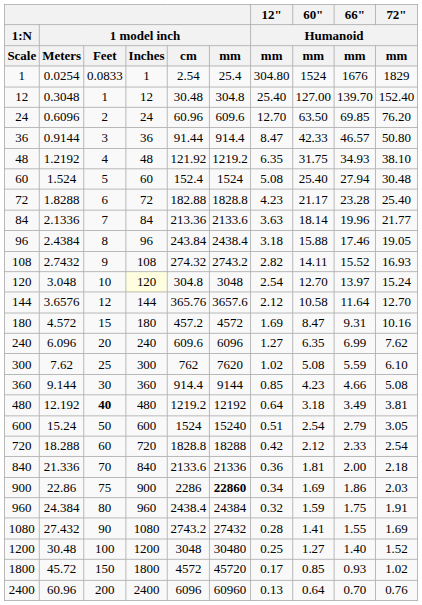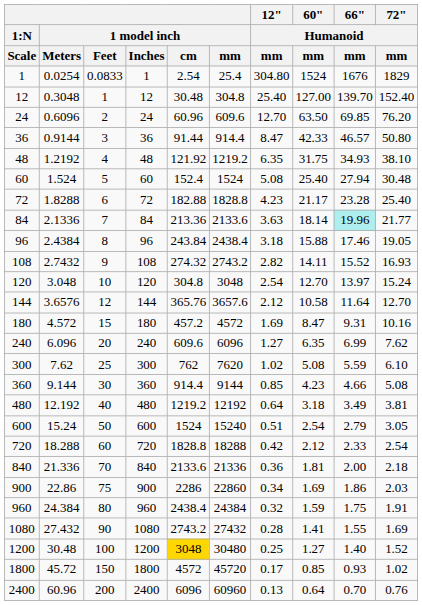 <table class="wikitable sortable" style="text-align: center;">
 <tr>
 <th colspan=6></th>
 <th>12"</th>
 <th>60"</th>
 <th>66"</th>
 <th>72"</th>
 </tr>
 <tr>
 <th>1:N</th>
 <th colspan=5>1 model inch</th>
 <th colspan=4>Humanoid</th>
 </tr>
 <tr>
 <th>Scale</th>
 <th>Meters</th>
 <th>Feet</th>
 <th>Inches</th>
 <th>cm</th>
 <th>mm</th>
 <th>mm</th>
 <th>mm</th>
 <th>mm</th>
 <th>mm</th>
 </tr>
 <tr>
 <td>1</td>
 <td>0.0254</td>
 <td>0.0833</td>
 <td>1</td>
 <td>2.54</td>
 <td>25.4</td>
 <td>304.80</td>
 <td>1524</td>
 <td>1676</td>
 <td>1829</td>
 </tr>
 <tr>
 <td>12</td>
 <td>0.3048</td>
 <td>1</td>
 <td>12</td>
 <td>30.48</td>
 <td>304.8</td>
 <td>25.40</td>
 <td>127.00</td>
 <td>139.70</td>
 <td>152.40</td>
 </tr>
 <tr>
 <td>24</td>
 <td>0.6096</td>
 <td>2</td>
 <td>24</td>
 <td>60.96</td>
 <td>609.6</td>
 <td>12.70</td>
 <td>63.50</td>
 <td>69.85</td>
 <td>76.20</td>
 </tr>
 <tr>
 <td>36</td>
 <td>0.9144</td>
 <td>3</td>
 <td>36</td>
 <td>91.44</td>
 <td>914.4</td>
 <td>8.47</td>
 <td>42.33</td>
 <td>46.57</td>
 <td>50.80</td>
 </tr>
 <tr>
 <td>48</td>
 <td>1.2192</td>
 <td>4</td>
 <td>48</td>
 <td>121.92</td>
 <td>1219.2</td>
 <td>6.35</td>
 <td>31.75</td>
 <td>34.93</td>
 <td>38.10</td>
 </tr>
 <tr>
 <td>60</td>
 <td>1.524</td>
 <td>5</td>
 <td>60</td>
 <td>152.4</td>
 <td>1524</td>
 <td>5.08</td>
 <td>25.40</td>
 <td>27.94</td>
 <td>30.48</td>
 </tr>
 <tr>
 <td>72</td>
 <td>1.8288</td>
 <td>6</td>
 <td>72</td>
 <td>182.88</td>
 <td>1828.8</td>
 <td>4.23</td>
 <td>21.17</td>
 <td>23.28</td>
 <td>25.40</td>
 </tr>
 <tr>
 <td>84</td>
 <td>2.1336</td>
 <td>7</td>
 <td>84</td>
 <td>213.36</td>
 <td>2133.6</td>
 <td>3.63</td>
 <td>18.14</td>
-<td>19.96</td>
+<td style="background: paleturquoise;">19.96</td>
 <td>21.77</td>
 </tr>
 <tr>
 <td>96</td>
 <td>2.4384</td>
 <td>8</td>
 <td>96</td>
 <td>243.84</td>
 <td>2438.4</td>
 <td>3.18</td>
 <td>15.88</td>
 <td>17.46</td>
 <td>19.05</td>
 </tr>
 <tr>
 <td>108</td>
 <td>2.7432</td>
 <td>9</td>
 <td>108</td>
 <td>274.32</td>
 <td>2743.2</td>
 <td>2.82</td>
 <td>14.11</td>
 <td>15.52</td>
 <td>16.93</td>
 </tr>
 <tr>
 <td>120</td>
 <td>3.048</td>
 <td>10</td>
-<td style="background: lightyellow;">120</td>
+<td>120</td>
 <td>304.8</td>
 <td>3048</td>
 <td>2.54</td>
 <td>12.70</td>
 <td>13.97</td>
 <td>15.24</td>
 </tr>
 <tr>
 <td>144</td>
 <td>3.6576</td>
 <td>12</td>
 <td>144</td>
 <td>365.76</td>
 <td>3657.6</td>
 <td>2.12</td>
 <td>10.58</td>
 <td>11.64</td>
 <td>12.70</td>
 </tr>
 <tr>
 <td>180</td>
 <td>4.572</td>
 <td>15</td>
 <td>180</td>
 <td>457.2</td>
 <td>4572</td>
 <td>1.69</td>
 <td>8.47</td>
 <td>9.31</td>
 <td>10.16</td>
 </tr>
 <tr>
 <td>240</td>
 <td>6.096</td>
 <td>20</td>
 <td>240</td>
 <td>609.6</td>
 <td>6096</td>
 <td>1.27</td>
 <td>6.35</td>
 <td>6.99</td>
 <td>7.62</td>
 </tr>
 <tr>
 <td>300</td>
 <td>7.62</td>
 <td>25</td>
 <td>300</td>
 <td>762</td>
 <td>7620</td>
 <td>1.02</td>
 <td>5.08</td>
 <td>5.59</td>
 <td>6.10</td>
 </tr>
 <tr>
 <td>360</td>
 <td>9.144</td>
 <td>30</td>
 <td>360</td>
 <td>914.4</td>
 <td>9144</td>
 <td>0.85</td>
 <td>4.23</td>
 <td>4.66</td>
 <td>5.08</td>
 </tr>
 <tr>
 <td>480</td>
 <td>12.192</td>
-<td><strong>40</strong></td>
+<td>40</td>
 <td>480</td>
 <td>1219.2</td>
 <td>12192</td>
 <td>0.64</td>
 <td>3.18</td>
 <td>3.49</td>
 <td>3.81</td>
 </tr>
 <tr>
 <td>600</td>
 <td>15.24</td>
 <td>50</td>
 <td>600</td>
 <td>1524</td>
 <td>15240</td>
 <td>0.51</td>
 <td>2.54</td>
 <td>2.79</td>
 <td>3.05</td>
 </tr>
 <tr>
 <td>720</td>
 <td>18.288</td>
 <td>60</td>
 <td>720</td>
 <td>1828.8</td>
 <td>18288</td>
 <td>0.42</td>
 <td>2.12</td>
 <td>2.33</td>
 <td>2.54</td>
 </tr>
 <tr>
 <td>840</td>
 <td>21.336</td>
 <td>70</td>
 <td>840</td>
 <td>2133.6</td>
 <td>21336</td>
 <td>0.36</td>
 <td>1.81</td>
 <td>2.00</td>
 <td>2.18</td>
 </tr>
 <tr>
 <td>900</td>
 <td>22.86</td>
 <td>75</td>
 <td>900</td>
 <td>2286</td>
-<td><strong>22860</strong></td>
+<td>22860</td>
 <td>0.34</td>
 <td>1.69</td>
 <td>1.86</td>
 <td>2.03</td>
 </tr>
 <tr>
 <td>960</td>
 <td>24.384</td>
 <td>80</td>
 <td>960</td>
 <td>2438.4</td>
 <td>24384</td>
 <td>0.32</td>
 <td>1.59</td>
 <td>1.75</td>
 <td>1.91</td>
 </tr>
 <tr>
 <td>1080</td>
 <td>27.432</td>
 <td>90</td>
 <td>1080</td>
 <td>2743.2</td>
 <td>27432</td>
 <td>0.28</td>
 <td>1.41</td>
 <td>1.55</td>
 <td>1.69</td>
 </tr>
 <tr>
 <td>1200</td>
 <td>30.48</td>
 <td>100</td>
 <td>1200</td>
-<td>3048</td>
+<td style="background: gold;">3048</td>
 <td>30480</td>
 <td>0.25</td>
 <td>1.27</td>
 <td>1.40</td>
 <td>1.52</td>
 </tr>
 <tr>
 <td>1800</td>
 <td>45.72</td>
 <td>150</td>
 <td>1800</td>
 <td>4572</td>
 <td>45720</td>
 <td>0.17</td>
 <td>0.85</td>
 <td>0.93</td>
 <td>1.02</td>
 </tr>
 <tr>
 <td>2400</td>
 <td>60.96</td>
 <td>200</td>
 <td>2400</td>
 <td>6096</td>
 <td>60960</td>
 <td>0.13</td>
 <td>0.64</td>
 <td>0.70</td>
 <td>0.76</td>
 </tr>
 </table>
